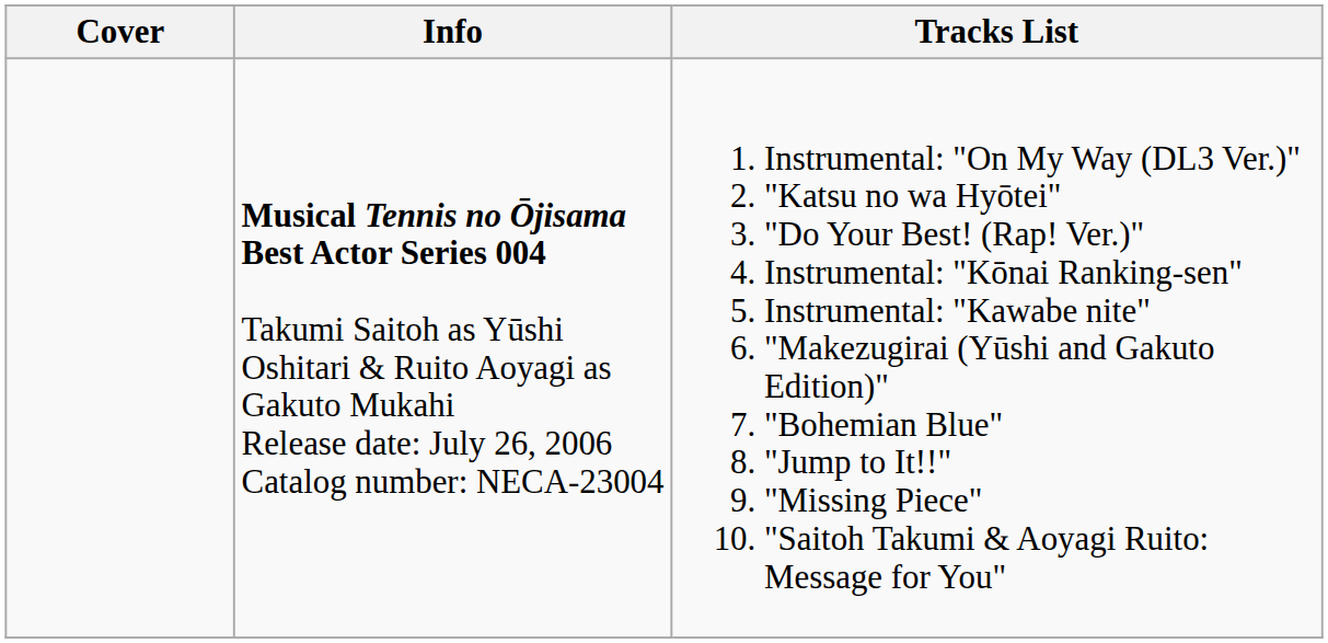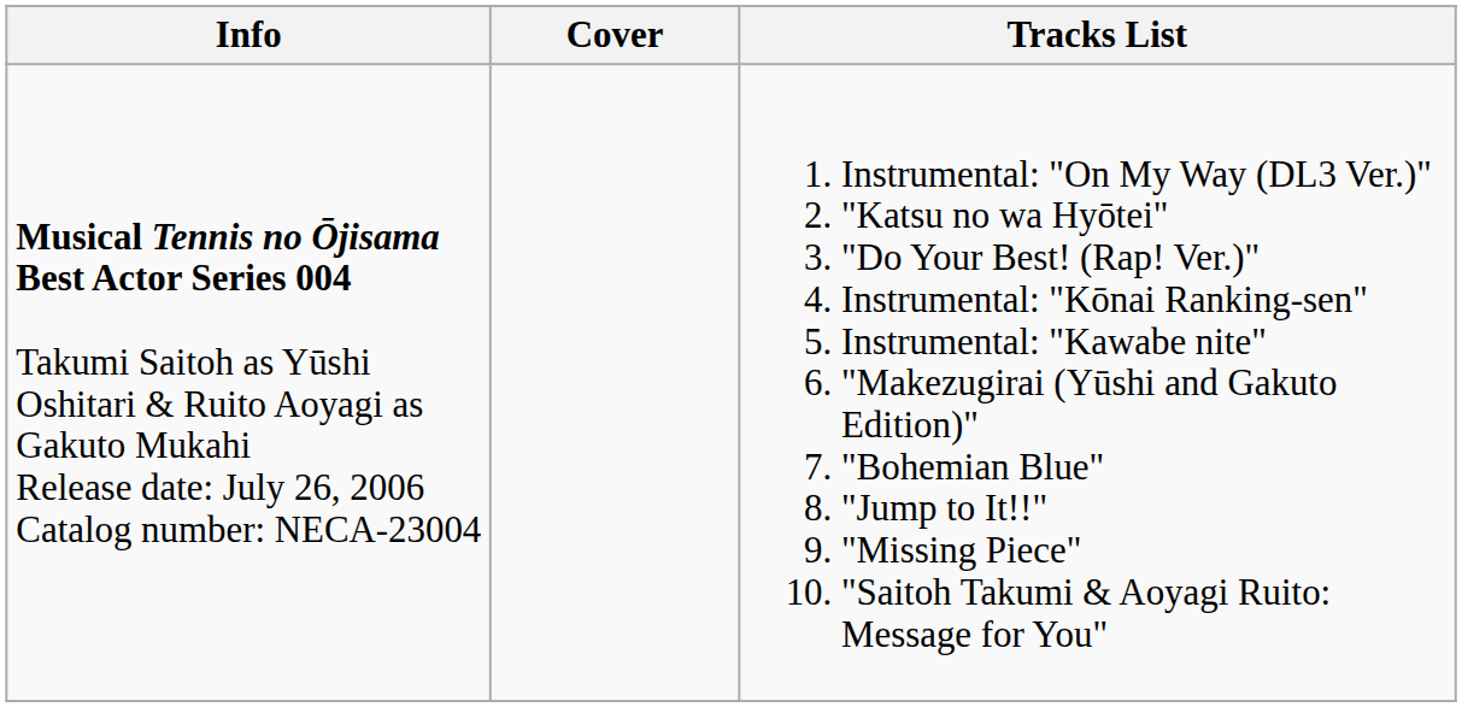 <table class="wikitable" style="margin: 1em auto 1em auto">
 <tr>
+<th width="200">Info</th>
 <th width="100">Cover</th>
-<th width="200">Info</th>
 <th width="300">Tracks List</th>
 </tr>
 <tr>
+<td><strong>Musical<em> Tennis no Ōjisama </em>Best Actor Series 004</strong><br><br>Takumi Saitoh as Yūshi Oshitari & Ruito Aoyagi as Gakuto Mukahi<br> Release date: July 26, 2006<br>Catalog number: NECA-23004</td>
 <td></td>
-<td><strong>Musical<em> Tennis no Ōjisama </em>Best Actor Series 004</strong><br><br>Takumi Saitoh as Yūshi Oshitari & Ruito Aoyagi as Gakuto Mukahi<br> Release date: July 26, 2006<br>Catalog number: NECA-23004</td>
 <td><br><ol><li>Instrumental: "On My Way (DL3 Ver.)"</li><li>"Katsu no wa Hyōtei"</li><li>"Do Your Best! (Rap! Ver.)"</li><li>Instrumental: "Kōnai Ranking-sen"</li><li>Instrumental: "Kawabe nite"</li><li>"Makezugirai (Yūshi and Gakuto Edition)"</li><li>"Bohemian Blue"</li><li>"Jump to It!!"</li><li>"Missing Piece"</li><li>"Saitoh Takumi & Aoyagi Ruito: Message for You"</li></ol></td>
 </tr>
 </table>
